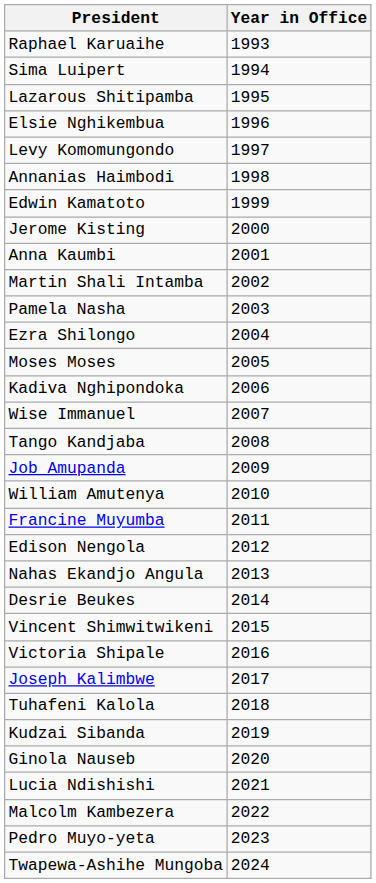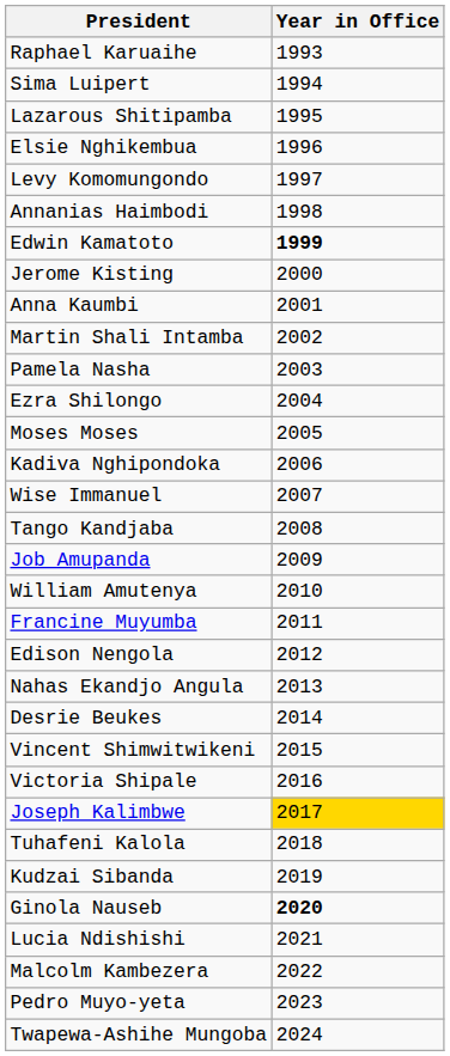 <table class="wikitable">
 <tr>
 <th>President</th>
 <th>Year in Office</th>
 </tr>
 <tr>
 <td>Raphael Karuaihe</td>
 <td>1993</td>
 </tr>
 <tr>
 <td>Sima Luipert</td>
 <td>1994</td>
 </tr>
 <tr>
 <td>Lazarous Shitipamba</td>
 <td>1995</td>
 </tr>
 <tr>
 <td>Elsie Nghikembua</td>
 <td>1996</td>
 </tr>
 <tr>
 <td>Levy Komomungondo</td>
 <td>1997</td>
 </tr>
 <tr>
 <td>Annanias Haimbodi</td>
 <td>1998</td>
 </tr>
 <tr>
 <td>Edwin Kamatoto</td>
-<td>1999</td>
+<td><strong>1999</strong></td>
 </tr>
 <tr>
 <td>Jerome Kisting</td>
 <td>2000</td>
 </tr>
 <tr>
 <td>Anna Kaumbi</td>
 <td>2001</td>
 </tr>
 <tr>
 <td>Martin Shali Intamba</td>
 <td>2002</td>
 </tr>
 <tr>
 <td>Pamela Nasha</td>
 <td>2003</td>
 </tr>
 <tr>
 <td>Ezra Shilongo</td>
 <td>2004</td>
 </tr>
 <tr>
 <td>Moses Moses</td>
 <td>2005</td>
 </tr>
 <tr>
 <td>Kadiva Nghipondoka</td>
 <td>2006</td>
 </tr>
 <tr>
 <td>Wise Immanuel</td>
 <td>2007</td>
 </tr>
 <tr>
 <td>Tango Kandjaba</td>
 <td>2008</td>
 </tr>
 <tr>
 <td><a href='#'>Job Amupanda</a></td>
 <td>2009</td>
 </tr>
 <tr>
 <td>William Amutenya</td>
 <td>2010</td>
 </tr>
 <tr>
 <td><a href='#'>Francine Muyumba</a></td>
 <td>2011</td>
 </tr>
 <tr>
 <td>Edison Nengola</td>
 <td>2012</td>
 </tr>
 <tr>
 <td>Nahas Ekandjo Angula</td>
 <td>2013</td>
 </tr>
 <tr>
 <td>Desrie Beukes</td>
 <td>2014</td>
 </tr>
 <tr>
 <td>Vincent Shimwitwikeni</td>
 <td>2015</td>
 </tr>
 <tr>
 <td>Victoria Shipale</td>
 <td>2016</td>
 </tr>
 <tr>
 <td><a href='#'>Joseph Kalimbwe</a></td>
-<td>2017</td>
+<td style="background: gold;">2017</td>
 </tr>
 <tr>
 <td>Tuhafeni Kalola</td>
 <td>2018</td>
 </tr>
 <tr>
 <td>Kudzai Sibanda</td>
 <td>2019</td>
 </tr>
 <tr>
 <td>Ginola Nauseb</td>
-<td>2020</td>
+<td><strong>2020</strong></td>
 </tr>
 <tr>
 <td>Lucia Ndishishi</td>
 <td>2021</td>
 </tr>
 <tr>
 <td>Malcolm Kambezera</td>
 <td>2022</td>
 </tr>
 <tr>
 <td>Pedro Muyo-yeta</td>
 <td>2023</td>
 </tr>
 <tr>
 <td>Twapewa-Ashihe Mungoba</td>
 <td>2024</td>
 </tr>
 </table>
